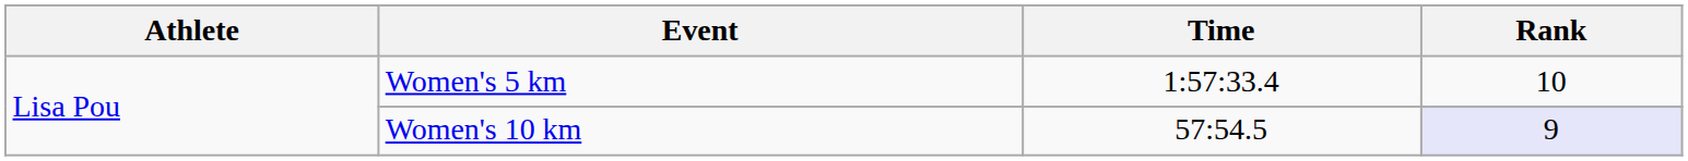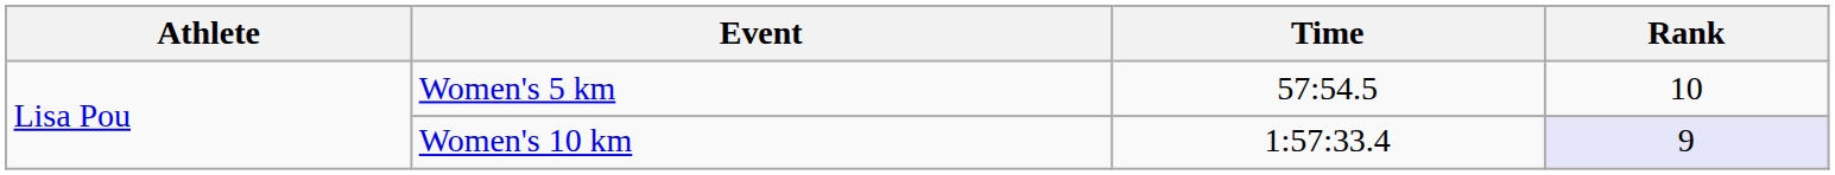 <table class="wikitable" style="text-align:center; font-size:90%; width:50%;">
 <tr>
 <th>Athlete</th>
 <th>Event</th>
 <th>Time</th>
 <th>Rank</th>
 </tr>
 <tr>
 <td align=left rowspan=2><a href='#'>Lisa Pou</a></td>
 <td align=left><a href='#'>Women's 5 km</a></td>
-<td>1:57:33.4</td>
+<td>57:54.5</td>
 <td>10</td>
 </tr>
 <tr>
 <td align=left><a href='#'>Women's 10 km</a></td>
-<td>57:54.5</td>
+<td>1:57:33.4</td>
 <td style="background: lavender;">9</td>
 </tr>
 </table>
